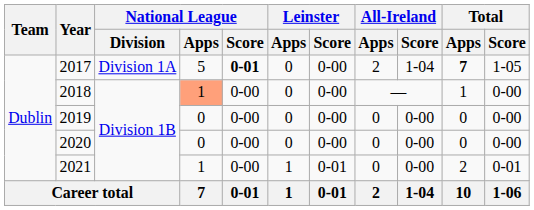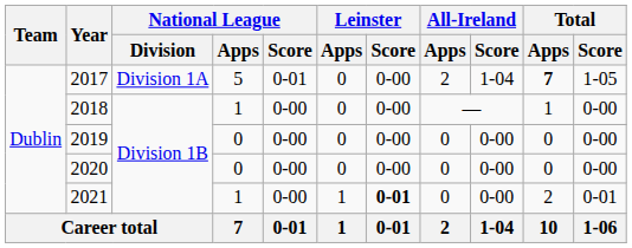 <table class="wikitable" style="text-align:center">
 <tr>
 <th rowspan="2">Team</th>
 <th rowspan="2">Year</th>
 <th colspan="3"><a href='#'>National League</a></th>
 <th colspan="2"><a href='#'>Leinster</a></th>
 <th colspan="2"><a href='#'>All-Ireland</a></th>
 <th colspan="2">Total</th>
 </tr>
 <tr>
 <th>Division</th>
 <th>Apps</th>
 <th>Score</th>
 <th>Apps</th>
 <th>Score</th>
 <th>Apps</th>
 <th>Score</th>
 <th>Apps</th>
 <th>Score</th>
 </tr>
 <tr>
 <td rowspan="5"><a href='#'>Dublin</a></td>
 <td>2017</td>
 <td rowspan="1"><a href='#'>Division 1A</a></td>
 <td>5</td>
-<td><strong>0-01</strong></td>
+<td>0-01</td>
 <td>0</td>
 <td>0-00</td>
 <td>2</td>
 <td>1-04</td>
 <td><strong>7</strong></td>
 <td>1-05</td>
 </tr>
 <tr>
 <td>2018</td>
 <td rowspan="4"><a href='#'>Division 1B</a></td>
-<td style="background: lightsalmon;">1</td>
+<td>1</td>
 <td>0-00</td>
 <td>0</td>
 <td>0-00</td>
 <td colspan=2>—</td>
 <td>1</td>
 <td>0-00</td>
 </tr>
 <tr>
 <td>2019</td>
 <td>0</td>
 <td>0-00</td>
 <td>0</td>
 <td>0-00</td>
 <td>0</td>
 <td>0-00</td>
 <td>0</td>
 <td>0-00</td>
 </tr>
 <tr>
 <td>2020</td>
 <td>0</td>
 <td>0-00</td>
 <td>0</td>
 <td>0-00</td>
 <td>0</td>
 <td>0-00</td>
 <td>0</td>
 <td>0-00</td>
 </tr>
 <tr>
 <td>2021</td>
 <td>1</td>
 <td>0-00</td>
 <td>1</td>
-<td>0-01</td>
+<td><strong>0-01</strong></td>
 <td>0</td>
 <td>0-00</td>
 <td>2</td>
 <td>0-01</td>
 </tr>
 <tr>
 <th colspan="3">Career total</th>
 <th>7</th>
 <th>0-01</th>
 <th>1</th>
 <th>0-01</th>
 <th>2</th>
 <th>1-04</th>
 <th>10</th>
 <th>1-06</th>
 </tr>
 </table>
